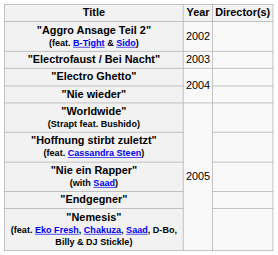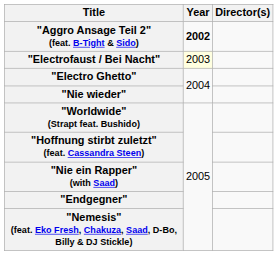 <table class="wikitable plainrowheaders" style="text-align:center;">
 <tr>
 <th scope="col" style="width:16em;">Title</th>
 <th scope="col">Year</th>
 <th scope="col">Director(s)</th>
 </tr>
 <tr>
 <th scope="row">"Aggro Ansage Teil 2"<br><small>(feat. <a href='#'>B-Tight</a> & <a href='#'>Sido</a>)</small></th>
-<td>2002</td>
+<td><strong>2002</strong></td>
 <td></td>
 </tr>
 <tr>
 <th scope="row">"Electrofaust / Bei Nacht"</th>
-<td>2003</td>
+<td style="background: lightyellow;">2003</td>
 <td></td>
 </tr>
 <tr>
 <th scope="row">"Electro Ghetto"</th>
 <td rowspan="2">2004</td>
 <td></td>
 </tr>
 <tr>
 <th scope="row">"Nie wieder"</th>
 <td></td>
 </tr>
 <tr>
 <th scope="row">"Worldwide"<br><small>(Strapt feat. Bushido)</small></th>
 <td rowspan="5">2005</td>
 <td></td>
 </tr>
 <tr>
 <th scope="row">"Hoffnung stirbt zuletzt"<br><small>(feat. <a href='#'>Cassandra Steen</a>)</small></th>
 <td></td>
 </tr>
 <tr>
 <th scope="row">"Nie ein Rapper"<br><small>(with <a href='#'>Saad</a>)</small></th>
 <td></td>
 </tr>
 <tr>
 <th scope="row">"Endgegner"</th>
 <td></td>
 </tr>
 <tr>
 <th scope="row">"Nemesis"<br><small>(feat. <a href='#'>Eko Fresh</a>, <a href='#'>Chakuza</a>, <a href='#'>Saad</a>, D-Bo, Billy & DJ Stickle)</small></th>
 <td></td>
 </tr>
 </table>
